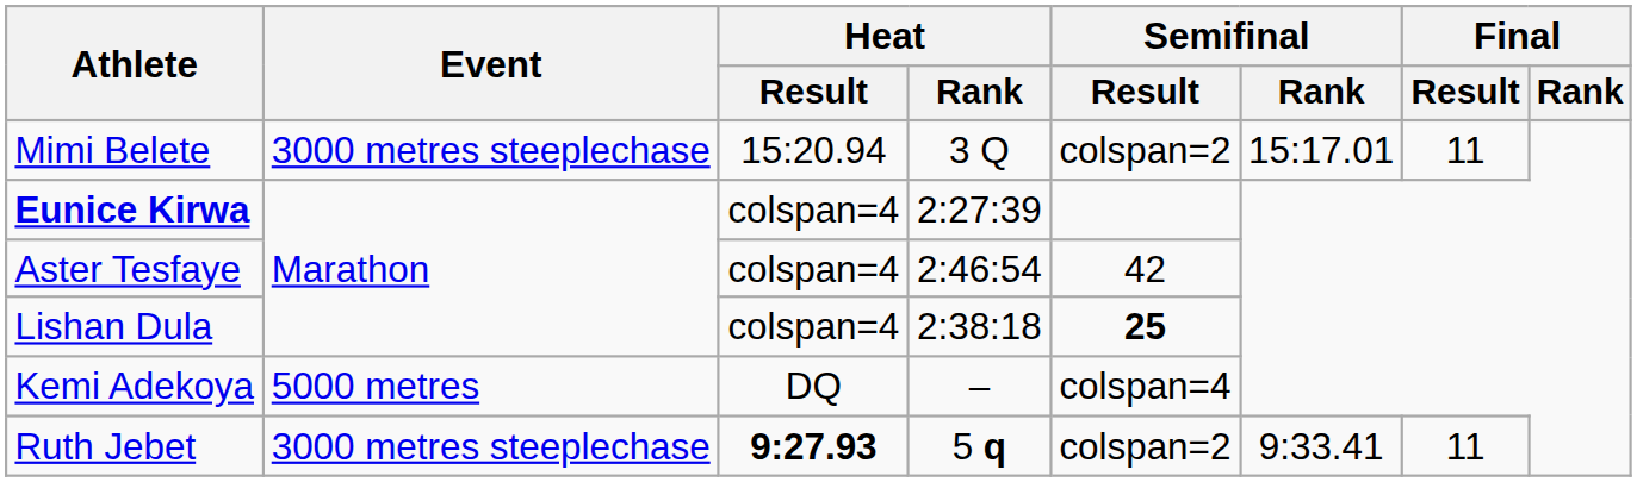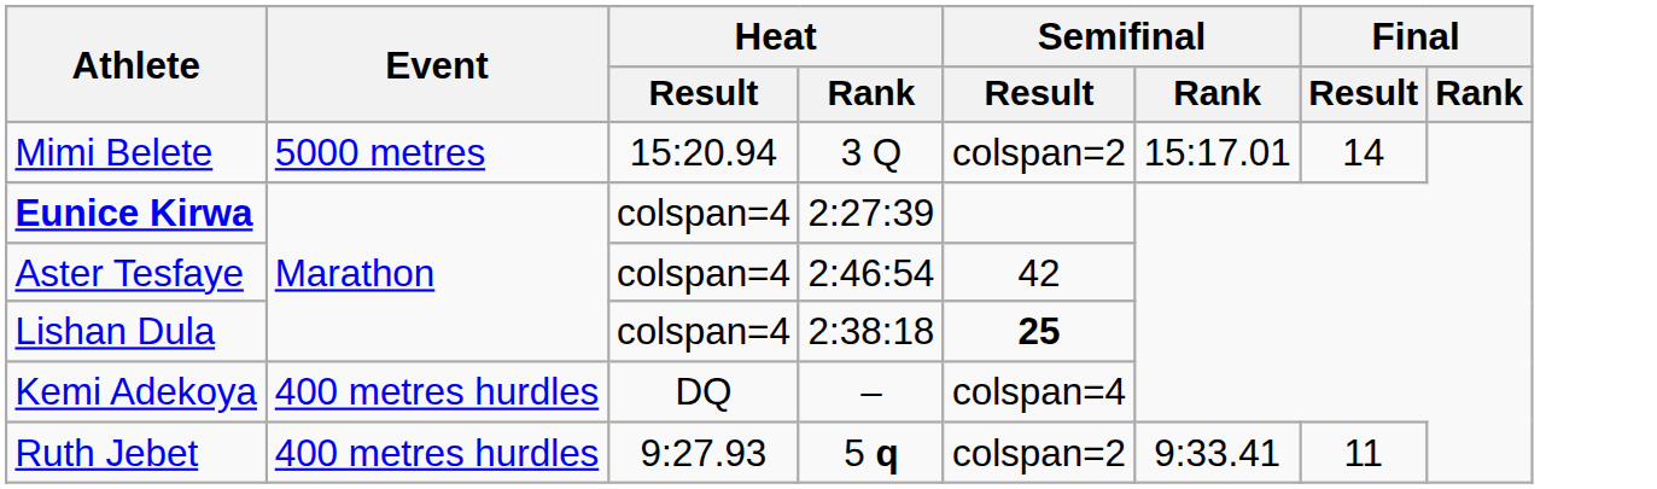 <table class="wikitable" style="font-size:90%">
 <tr>
 <th rowspan="2">Athlete</th>
 <th rowspan="2">Event</th>
 <th colspan="2">Heat</th>
 <th colspan="2">Semifinal</th>
 <th colspan="2">Final</th>
 </tr>
 <tr style="font-size:95%">
 <th>Result</th>
 <th>Rank</th>
 <th>Result</th>
 <th>Rank</th>
 <th>Result</th>
 <th>Rank</th>
 </tr>
 <tr style=text-align:center>
 <td style=text-align:left><a href='#'>Mimi Belete</a></td>
-<td style=text-align:left><a href='#'>3000 metres steeplechase</a></td>
+<td style=text-align:left><a href='#'>5000 metres</a></td>
 <td>15:20.94</td>
 <td>3 Q</td>
 <td>colspan=2 </td>
 <td>15:17.01</td>
-<td>11</td>
+<td>14</td>
 </tr>
 <tr style=text-align:center>
 <td style=text-align:left><strong><a href='#'>Eunice Kirwa</a></strong></td>
 <td style=text-align:left rowspan=3><a href='#'>Marathon</a></td>
 <td>colspan=4 </td>
 <td>2:27:39</td>
 <td></td>
 </tr>
 <tr style=text-align:center>
 <td style=text-align:left><a href='#'>Aster Tesfaye</a></td>
 <td>colspan=4 </td>
 <td>2:46:54</td>
 <td>42</td>
 </tr>
 <tr style=text-align:center>
 <td style=text-align:left><a href='#'>Lishan Dula</a></td>
 <td>colspan=4 </td>
 <td>2:38:18</td>
 <td><strong>25</strong></td>
 </tr>
 <tr style=text-align:center>
 <td style=text-align:left><a href='#'>Kemi Adekoya</a></td>
-<td style=text-align:left><a href='#'>5000 metres</a></td>
+<td style=text-align:left><a href='#'>400 metres hurdles</a></td>
 <td>DQ</td>
 <td>–</td>
 <td>colspan=4 </td>
 </tr>
 <tr style=text-align:center>
 <td style=text-align:left><a href='#'>Ruth Jebet</a></td>
-<td style=text-align:left><a href='#'>3000 metres steeplechase</a></td>
-<td><strong>9:27.93</strong></td>
+<td style=text-align:left><a href='#'>400 metres hurdles</a></td>
+<td>9:27.93</td>
 <td>5 <strong>q</strong></td>
 <td>colspan=2 </td>
 <td>9:33.41</td>
 <td>11</td>
 </tr>
 </table>
